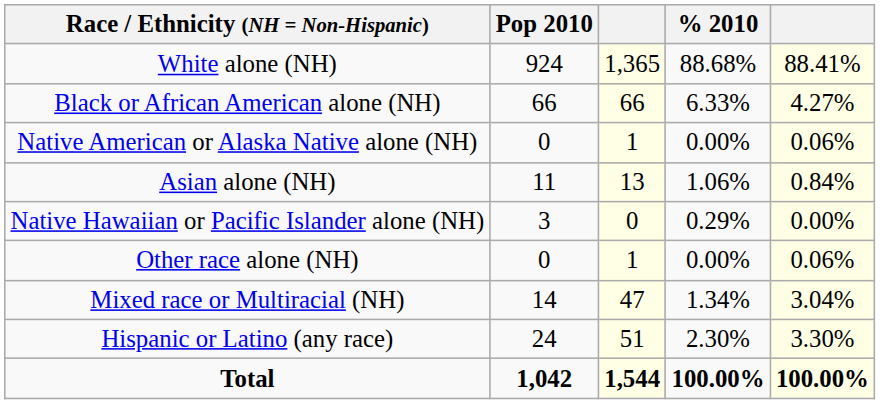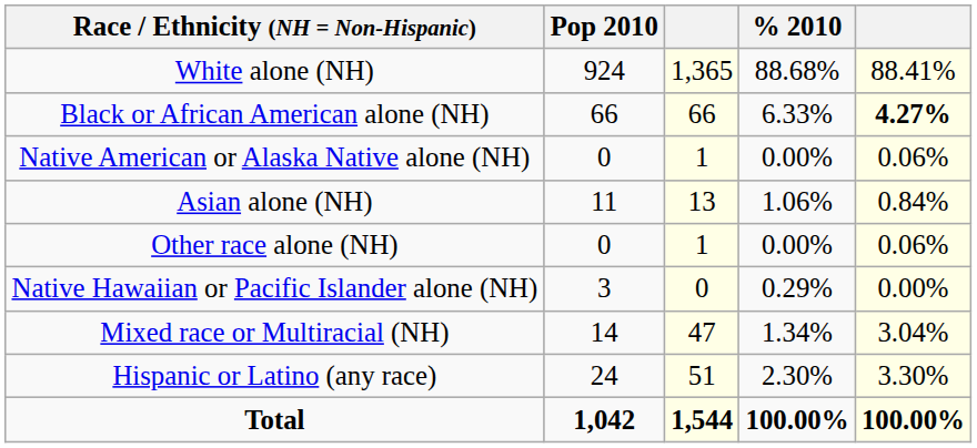 <table class="wikitable" style="text-align:center;">
 <tr>
 <th>Race / Ethnicity <small>(<em>NH = Non-Hispanic</em>)</small></th>
 <th>Pop 2010</th>
 <th></th>
 <th>% 2010</th>
 <th></th>
 </tr>
 <tr>
 <td><a href='#'>White</a> alone (NH)</td>
 <td>924</td>
 <td style='background: #ffffe6;'>1,365</td>
 <td>88.68%</td>
 <td style='background: #ffffe6;'>88.41%</td>
 </tr>
 <tr>
 <td><a href='#'>Black or African American</a> alone (NH)</td>
 <td>66</td>
 <td style='background: #ffffe6;'>66</td>
 <td>6.33%</td>
-<td style='background: #ffffe6;'>4.27%</td>
+<td style='background: #ffffe6;'><strong>4.27%</strong></td>
 </tr>
 <tr>
 <td><a href='#'>Native American</a> or <a href='#'>Alaska Native</a> alone (NH)</td>
 <td>0</td>
 <td style='background: #ffffe6;'>1</td>
 <td>0.00%</td>
 <td style='background: #ffffe6;'>0.06%</td>
 </tr>
 <tr>
 <td><a href='#'>Asian</a> alone (NH)</td>
 <td>11</td>
 <td style='background: #ffffe6;'>13</td>
 <td>1.06%</td>
 <td style='background: #ffffe6;'>0.84%</td>
 </tr>
 <tr>
+<td><a href='#'>Other race</a> alone (NH)</td>
+<td>0</td>
+<td style='background: #ffffe6;'>1</td>
+<td>0.00%</td>
+<td style='background: #ffffe6;'>0.06%</td>
+</tr>
+<tr>
 <td><a href='#'>Native Hawaiian</a> or <a href='#'>Pacific Islander</a> alone (NH)</td>
 <td>3</td>
 <td style='background: #ffffe6;'>0</td>
 <td>0.29%</td>
 <td style='background: #ffffe6;'>0.00%</td>
-</tr>
-<tr>
-<td><a href='#'>Other race</a> alone (NH)</td>
-<td>0</td>
-<td style='background: #ffffe6;'>1</td>
-<td>0.00%</td>
-<td style='background: #ffffe6;'>0.06%</td>
 </tr>
 <tr>
 <td><a href='#'>Mixed race or Multiracial</a> (NH)</td>
 <td>14</td>
 <td style='background: #ffffe6;'>47</td>
 <td>1.34%</td>
 <td style='background: #ffffe6;'>3.04%</td>
 </tr>
 <tr>
 <td><a href='#'>Hispanic or Latino</a> (any race)</td>
 <td>24</td>
 <td style='background: #ffffe6;'>51</td>
 <td>2.30%</td>
 <td style='background: #ffffe6;'>3.30%</td>
 </tr>
 <tr>
 <td><strong>Total</strong></td>
 <td><strong>1,042</strong></td>
 <td style='background: #ffffe6;'><strong>1,544</strong></td>
 <td><strong>100.00%</strong></td>
 <td style='background: #ffffe6;'><strong>100.00%</strong></td>
 </tr>
 </table>
